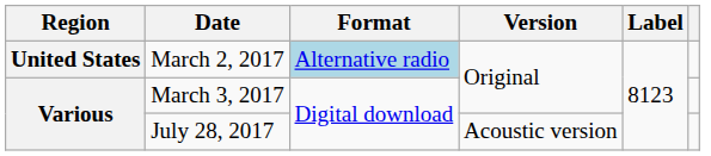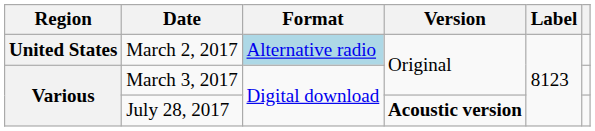 <table class="wikitable plainrowheaders">
 <tr>
 <th scope="col">Region</th>
 <th scope="col">Date</th>
 <th scope="col">Format</th>
 <th scope="col">Version</th>
 <th scope="col">Label</th>
 <th scope="col"></th>
 </tr>
 <tr>
 <th scope="row">United States</th>
 <td>March 2, 2017</td>
 <td style="background: lightblue;"><a href='#'>Alternative radio</a></td>
 <td rowspan="2">Original</td>
 <td rowspan="3">8123</td>
 <td align="center"></td>
 </tr>
 <tr>
 <th scope="row" rowspan="2">Various</th>
 <td>March 3, 2017</td>
 <td rowspan="3"><a href='#'>Digital download</a></td>
 <td align="center"></td>
 </tr>
 <tr>
 <td>July 28, 2017</td>
-<td>Acoustic version</td>
+<td><strong>Acoustic version</strong></td>
 <td align="center"></td>
 </tr>
 </table>
